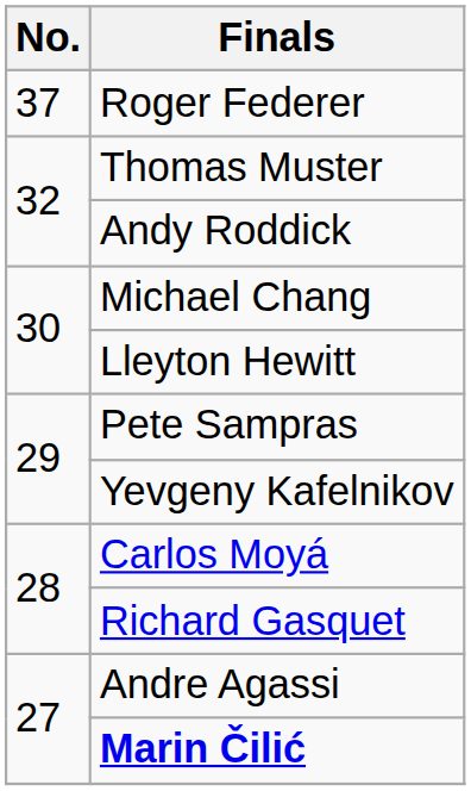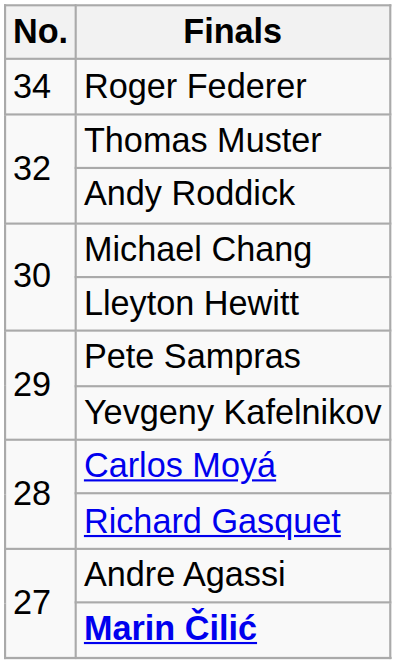 <table class="wikitable" style="display: inline-table;">
 <tr>
 <th width=20>No.</th>
 <th>Finals</th>
 </tr>
 <tr>
-<td>37</td>
+<td>34</td>
 <td> Roger Federer</td>
 </tr>
 <tr>
 <td rowspan="2">32</td>
 <td> Thomas Muster</td>
 </tr>
 <tr>
 <td> Andy Roddick</td>
 </tr>
 <tr>
 <td rowspan="2">30</td>
 <td> Michael Chang</td>
 </tr>
 <tr>
 <td> Lleyton Hewitt</td>
 </tr>
 <tr>
 <td rowspan="2">29</td>
 <td> Pete Sampras</td>
 </tr>
 <tr>
 <td> Yevgeny Kafelnikov</td>
 </tr>
 <tr>
 <td rowspan="2">28</td>
 <td> <a href='#'>Carlos Moyá</a></td>
 </tr>
 <tr>
 <td> <a href='#'>Richard Gasquet</a></td>
 </tr>
 <tr>
 <td rowspan="2">27</td>
 <td> Andre Agassi</td>
 </tr>
 <tr>
 <td><strong> <a href='#'>Marin Čilić</a> </strong></td>
 </tr>
 <tr>
 </tr>
 </table>
